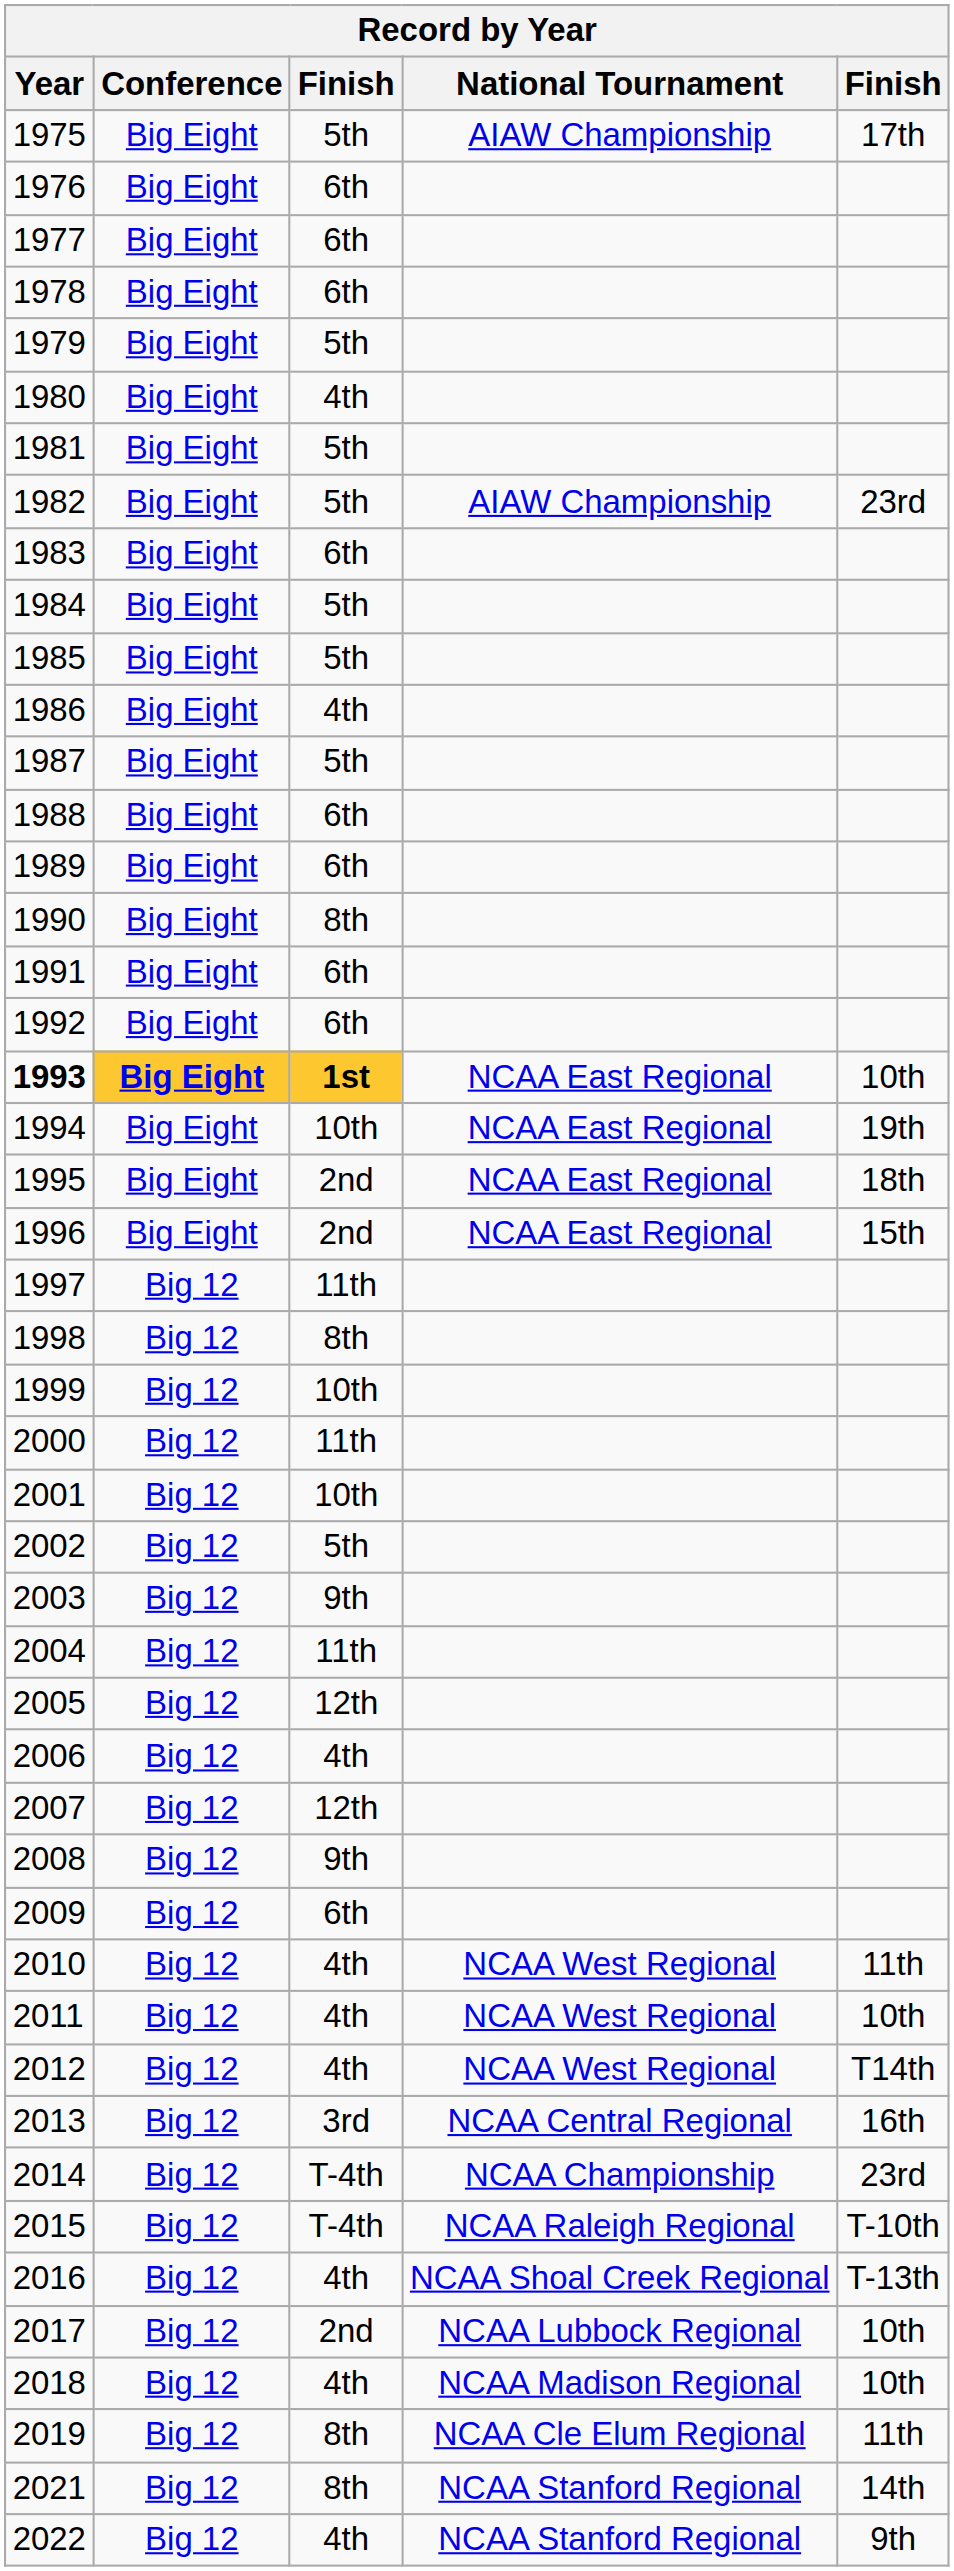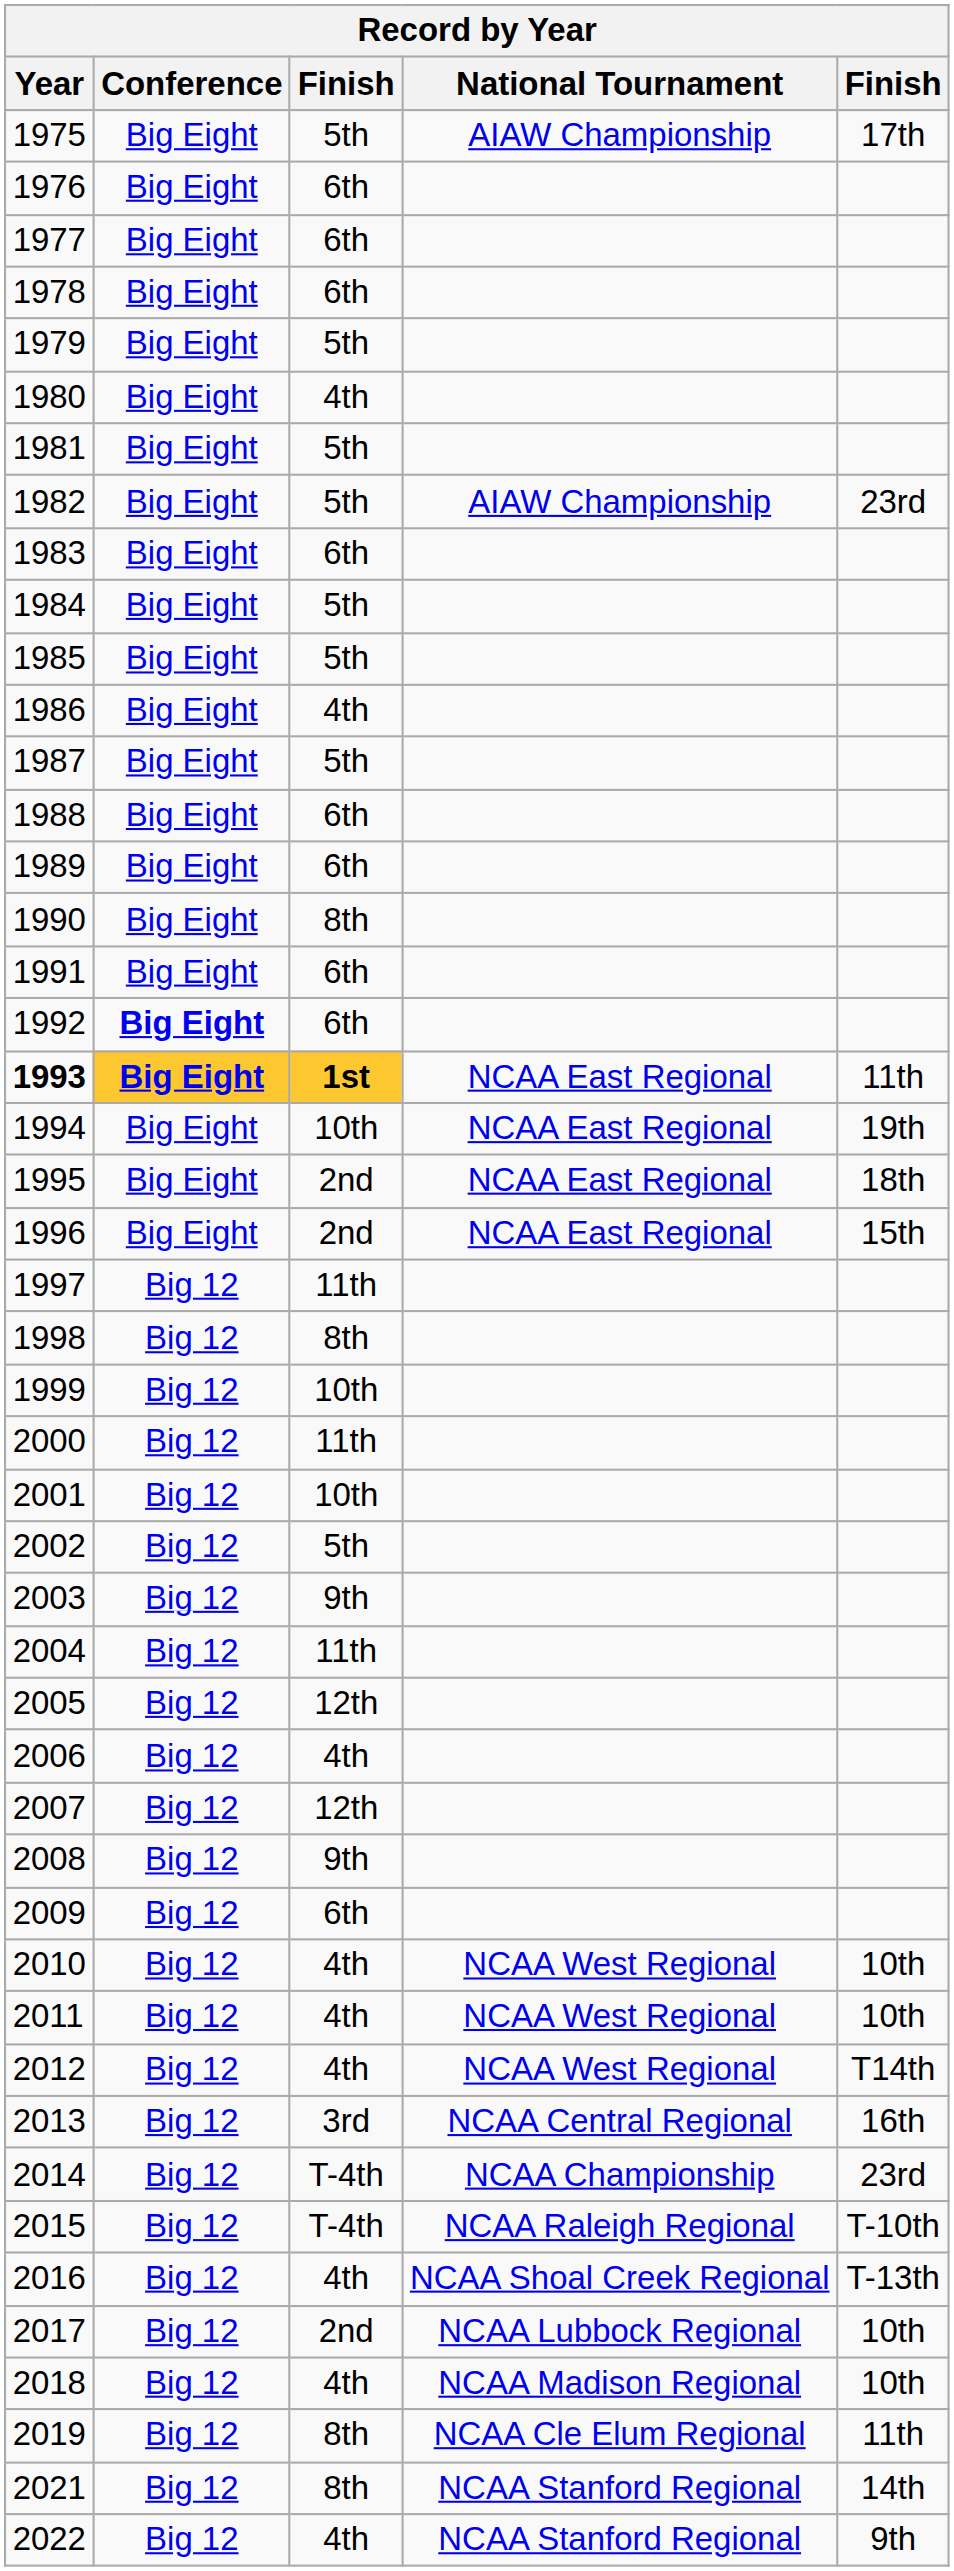 <table class="wikitable">
 <tr>
 <th colspan="5">Record by Year</th>
 </tr>
 <tr>
 <th>Year</th>
 <th>Conference</th>
 <th>Finish</th>
 <th>National Tournament</th>
 <th>Finish</th>
 </tr>
 <tr>
 <td>1975</td>
 <td style="text-align: center;"><a href='#'>Big Eight</a></td>
 <td style="text-align: center;">5th</td>
 <td style="text-align: center;"><a href='#'>AIAW Championship</a></td>
 <td style="text-align: center;">17th</td>
 </tr>
 <tr>
 <td>1976</td>
 <td style="text-align: center;"><a href='#'>Big Eight</a></td>
 <td style="text-align: center;">6th</td>
 <td style="text-align: center;"></td>
 <td style="text-align: center;"></td>
 </tr>
 <tr>
 <td>1977</td>
 <td style="text-align: center;"><a href='#'>Big Eight</a></td>
 <td style="text-align: center;">6th</td>
 <td style="text-align: center;"></td>
 <td style="text-align: center;"></td>
 </tr>
 <tr>
 <td>1978</td>
 <td style="text-align: center;"><a href='#'>Big Eight</a></td>
 <td style="text-align: center;">6th</td>
 <td style="text-align: center;"></td>
 <td style="text-align: center;"></td>
 </tr>
 <tr>
 <td>1979</td>
 <td style="text-align: center;"><a href='#'>Big Eight</a></td>
 <td style="text-align: center;">5th</td>
 <td style="text-align: center;"></td>
 <td style="text-align: center;"></td>
 </tr>
 <tr>
 <td>1980</td>
 <td style="text-align: center;"><a href='#'>Big Eight</a></td>
 <td style="text-align: center;">4th</td>
 <td style="text-align: center;"></td>
 <td style="text-align: center;"></td>
 </tr>
 <tr>
 <td>1981</td>
 <td style="text-align: center;"><a href='#'>Big Eight</a></td>
 <td style="text-align: center;">5th</td>
 <td style="text-align: center;"></td>
 <td style="text-align: center;"></td>
 </tr>
 <tr>
 <td>1982</td>
 <td style="text-align: center;"><a href='#'>Big Eight</a></td>
 <td style="text-align: center;">5th</td>
 <td style="text-align: center;"><a href='#'>AIAW Championship</a></td>
 <td style="text-align: center;">23rd</td>
 </tr>
 <tr>
 <td>1983</td>
 <td style="text-align: center;"><a href='#'>Big Eight</a></td>
 <td style="text-align: center;">6th</td>
 <td style="text-align: center;"></td>
 <td style="text-align: center;"></td>
 </tr>
 <tr>
 <td>1984</td>
 <td style="text-align: center;"><a href='#'>Big Eight</a></td>
 <td style="text-align: center;">5th</td>
 <td style="text-align: center;"></td>
 <td style="text-align: center;"></td>
 </tr>
 <tr>
 <td>1985</td>
 <td style="text-align: center;"><a href='#'>Big Eight</a></td>
 <td style="text-align: center;">5th</td>
 <td style="text-align: center;"></td>
 <td style="text-align: center;"></td>
 </tr>
 <tr>
 <td>1986</td>
 <td style="text-align: center;"><a href='#'>Big Eight</a></td>
 <td style="text-align: center;">4th</td>
 <td style="text-align: center;"></td>
 <td style="text-align: center;"></td>
 </tr>
 <tr>
 <td>1987</td>
 <td style="text-align: center;"><a href='#'>Big Eight</a></td>
 <td style="text-align: center;">5th</td>
 <td style="text-align: center;"></td>
 <td style="text-align: center;"></td>
 </tr>
 <tr>
 <td>1988</td>
 <td style="text-align: center;"><a href='#'>Big Eight</a></td>
 <td style="text-align: center;">6th</td>
 <td style="text-align: center;"></td>
 <td style="text-align: center;"></td>
 </tr>
 <tr>
 <td>1989</td>
 <td style="text-align: center;"><a href='#'>Big Eight</a></td>
 <td style="text-align: center;">6th</td>
 <td style="text-align: center;"></td>
 <td style="text-align: center;"></td>
 </tr>
 <tr>
 <td>1990</td>
 <td style="text-align: center;"><a href='#'>Big Eight</a></td>
 <td style="text-align: center;">8th</td>
 <td style="text-align: center;"></td>
 <td style="text-align: center;"></td>
 </tr>
 <tr>
 <td>1991</td>
 <td style="text-align: center;"><a href='#'>Big Eight</a></td>
 <td style="text-align: center;">6th</td>
 <td style="text-align: center;"></td>
 <td style="text-align: center;"></td>
 </tr>
 <tr>
 <td>1992</td>
-<td style="text-align: center;"><a href='#'>Big Eight</a></td>
+<td style="text-align: center;"><strong><a href='#'>Big Eight</a></strong></td>
 <td style="text-align: center;">6th</td>
 <td style="text-align: center;"></td>
 <td style="text-align: center;"></td>
 </tr>
 <tr>
 <td><strong>1993</strong></td>
 <td style="text-align: center; background: #FDC82F;"><strong><a href='#'>Big Eight</a></strong></td>
 <td style="text-align: center; background: #FDC82F;"><strong>1st</strong></td>
 <td style="text-align: center;"><a href='#'>NCAA East Regional</a></td>
-<td style="text-align: center;">10th</td>
+<td style="text-align: center;">11th</td>
 </tr>
 <tr>
 <td>1994</td>
 <td style="text-align: center;"><a href='#'>Big Eight</a></td>
 <td style="text-align: center;">10th</td>
 <td style="text-align: center;"><a href='#'>NCAA East Regional</a></td>
 <td style="text-align: center;">19th</td>
 </tr>
 <tr>
 <td>1995</td>
 <td style="text-align: center;"><a href='#'>Big Eight</a></td>
 <td style="text-align: center;">2nd</td>
 <td style="text-align: center;"><a href='#'>NCAA East Regional</a></td>
 <td style="text-align: center;">18th</td>
 </tr>
 <tr>
 <td>1996</td>
 <td style="text-align: center;"><a href='#'>Big Eight</a></td>
 <td style="text-align: center;">2nd</td>
 <td style="text-align: center;"><a href='#'>NCAA East Regional</a></td>
 <td style="text-align: center;">15th</td>
 </tr>
 <tr>
 <td>1997</td>
 <td style="text-align: center;"><a href='#'>Big 12</a></td>
 <td style="text-align: center;">11th</td>
 <td style="text-align: center;"></td>
 <td style="text-align: center;"></td>
 </tr>
 <tr>
 <td>1998</td>
 <td style="text-align: center;"><a href='#'>Big 12</a></td>
 <td style="text-align: center;">8th</td>
 <td style="text-align: center;"></td>
 <td style="text-align: center;"></td>
 </tr>
 <tr>
 <td>1999</td>
 <td style="text-align: center;"><a href='#'>Big 12</a></td>
 <td style="text-align: center;">10th</td>
 <td style="text-align: center;"></td>
 <td style="text-align: center;"></td>
 </tr>
 <tr>
 <td>2000</td>
 <td style="text-align: center;"><a href='#'>Big 12</a></td>
 <td style="text-align: center;">11th</td>
 <td style="text-align: center;"></td>
 <td style="text-align: center;"></td>
 </tr>
 <tr>
 <td>2001</td>
 <td style="text-align: center;"><a href='#'>Big 12</a></td>
 <td style="text-align: center;">10th</td>
 <td style="text-align: center;"></td>
 <td style="text-align: center;"></td>
 </tr>
 <tr>
 <td>2002</td>
 <td style="text-align: center;"><a href='#'>Big 12</a></td>
 <td style="text-align: center;">5th</td>
 <td style="text-align: center;"></td>
 <td style="text-align: center;"></td>
 </tr>
 <tr>
 <td>2003</td>
 <td style="text-align: center;"><a href='#'>Big 12</a></td>
 <td style="text-align: center;">9th</td>
 <td style="text-align: center;"></td>
 <td style="text-align: center;"></td>
 </tr>
 <tr>
 <td>2004</td>
 <td style="text-align: center;"><a href='#'>Big 12</a></td>
 <td style="text-align: center;">11th</td>
 <td style="text-align: center;"></td>
 <td style="text-align: center;"></td>
 </tr>
 <tr>
 <td>2005</td>
 <td style="text-align: center;"><a href='#'>Big 12</a></td>
 <td style="text-align: center;">12th</td>
 <td style="text-align: center;"></td>
 <td style="text-align: center;"></td>
 </tr>
 <tr>
 <td>2006</td>
 <td style="text-align: center;"><a href='#'>Big 12</a></td>
 <td style="text-align: center;">4th</td>
 <td style="text-align: center;"></td>
 <td style="text-align: center;"></td>
 </tr>
 <tr>
 <td>2007</td>
 <td style="text-align: center;"><a href='#'>Big 12</a></td>
 <td style="text-align: center;">12th</td>
 <td style="text-align: center;"></td>
 <td style="text-align: center;"></td>
 </tr>
 <tr>
 <td>2008</td>
 <td style="text-align: center;"><a href='#'>Big 12</a></td>
 <td style="text-align: center;">9th</td>
 <td style="text-align: center;"></td>
 <td style="text-align: center;"></td>
 </tr>
 <tr>
 <td>2009</td>
 <td style="text-align: center;"><a href='#'>Big 12</a></td>
 <td style="text-align: center;">6th</td>
 <td style="text-align: center;"></td>
 <td style="text-align: center;"></td>
 </tr>
 <tr>
 <td>2010</td>
 <td style="text-align: center;"><a href='#'>Big 12</a></td>
 <td style="text-align: center;">4th</td>
 <td style="text-align: center;"><a href='#'>NCAA West Regional</a></td>
-<td style="text-align: center;">11th</td>
+<td style="text-align: center;">10th</td>
 </tr>
 <tr>
 <td>2011</td>
 <td style="text-align: center;"><a href='#'>Big 12</a></td>
 <td style="text-align: center;">4th</td>
 <td style="text-align: center;"><a href='#'>NCAA West Regional</a></td>
 <td style="text-align: center;">10th</td>
 </tr>
 <tr>
 <td>2012</td>
 <td style="text-align: center;"><a href='#'>Big 12</a></td>
 <td style="text-align: center;">4th</td>
 <td style="text-align: center;"><a href='#'>NCAA West Regional</a></td>
 <td style="text-align: center;">T14th</td>
 </tr>
 <tr>
 <td>2013</td>
 <td style="text-align: center;"><a href='#'>Big 12</a></td>
 <td style="text-align: center;">3rd</td>
 <td style="text-align: center;"><a href='#'>NCAA Central Regional</a></td>
 <td style="text-align: center;">16th</td>
 </tr>
 <tr>
 <td>2014</td>
 <td style="text-align: center;"><a href='#'>Big 12</a></td>
 <td style="text-align: center;">T-4th</td>
 <td style="text-align: center;"><a href='#'>NCAA Championship</a></td>
 <td style="text-align: center;">23rd</td>
 </tr>
 <tr>
 <td>2015</td>
 <td style="text-align: center;"><a href='#'>Big 12</a></td>
 <td style="text-align: center;">T-4th</td>
 <td style="text-align: center;"><a href='#'>NCAA Raleigh Regional</a></td>
 <td style="text-align: center;">T-10th</td>
 </tr>
 <tr>
 <td>2016</td>
 <td style="text-align: center;"><a href='#'>Big 12</a></td>
 <td style="text-align: center;">4th</td>
 <td style="text-align: center;"><a href='#'>NCAA Shoal Creek Regional</a></td>
 <td style="text-align: center;">T-13th</td>
 </tr>
 <tr>
 <td>2017</td>
 <td style="text-align: center;"><a href='#'>Big 12</a></td>
 <td style="text-align: center;">2nd</td>
 <td style="text-align: center;"><a href='#'>NCAA Lubbock Regional</a></td>
 <td style="text-align: center;">10th</td>
 </tr>
 <tr>
 <td>2018</td>
 <td style="text-align: center;"><a href='#'>Big 12</a></td>
 <td style="text-align: center;">4th</td>
 <td style="text-align: center;"><a href='#'>NCAA Madison Regional</a></td>
 <td style="text-align: center;">10th</td>
 </tr>
 <tr>
 <td>2019</td>
 <td style="text-align: center;"><a href='#'>Big 12</a></td>
 <td style="text-align: center;">8th</td>
 <td style="text-align: center;"><a href='#'>NCAA Cle Elum Regional</a></td>
 <td style="text-align: center;">11th</td>
 </tr>
 <tr>
 <td>2021</td>
 <td style="text-align: center;"><a href='#'>Big 12</a></td>
 <td style="text-align: center;">8th</td>
 <td style="text-align: center;"><a href='#'>NCAA Stanford Regional</a></td>
 <td style="text-align: center;">14th</td>
 </tr>
 <tr>
 <td>2022</td>
 <td style="text-align: center;"><a href='#'>Big 12</a></td>
 <td style="text-align: center;">4th</td>
 <td style="text-align: center;"><a href='#'>NCAA Stanford Regional</a></td>
 <td style="text-align: center;">9th</td>
 </tr>
 </table>
